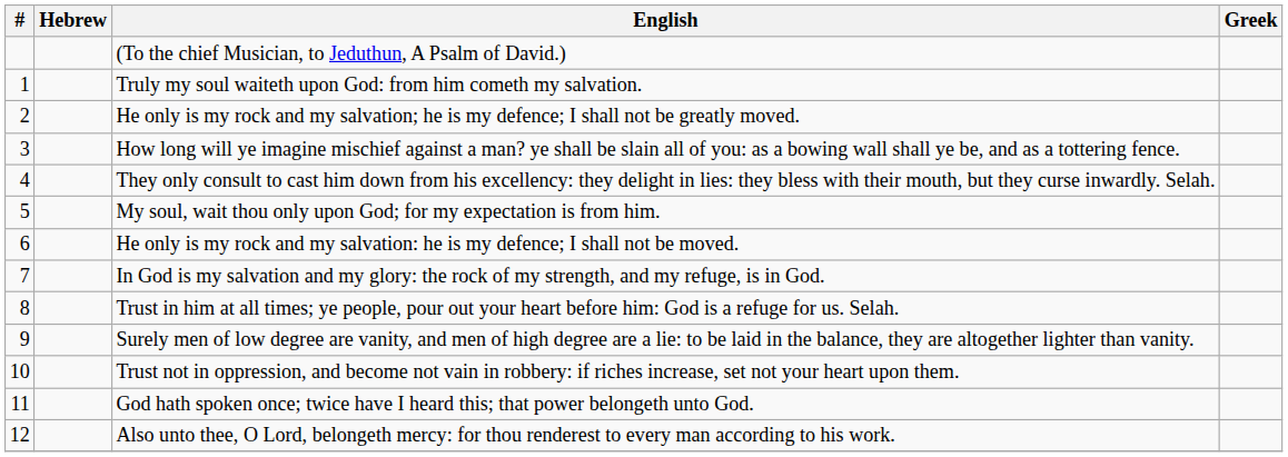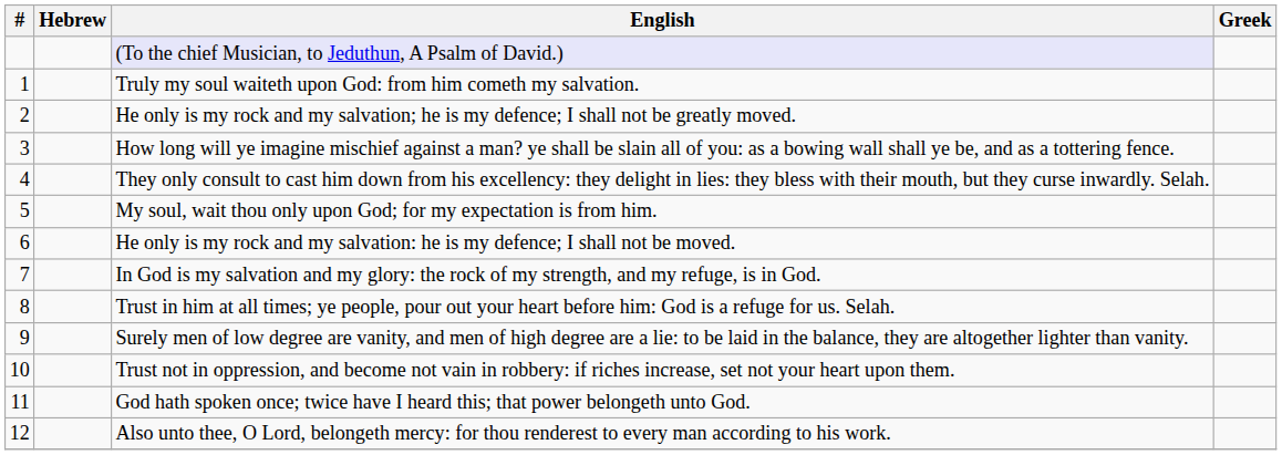 <table class=wikitable>
 <tr>
 <th>#</th>
 <th>Hebrew</th>
 <th>English</th>
 <th>Greek</th>
 </tr>
 <tr>
 <td style="text-align:right"></td>
 <td style="text-align:right"></td>
-<td>(To the chief Musician, to <a href='#'>Jeduthun</a>, A Psalm of David.)</td>
+<td style="background: lavender;">(To the chief Musician, to <a href='#'>Jeduthun</a>, A Psalm of David.)</td>
 <td></td>
 </tr>
 <tr>
 <td style="text-align:right">1</td>
 <td style="text-align:right"></td>
 <td>Truly my soul waiteth upon God: from him cometh my salvation.</td>
 <td></td>
 </tr>
 <tr>
 <td style="text-align:right">2</td>
 <td style="text-align:right"></td>
 <td>He only is my rock and my salvation; he is my defence; I shall not be greatly moved.</td>
 <td></td>
 </tr>
 <tr>
 <td style="text-align:right">3</td>
 <td style="text-align:right"></td>
 <td>How long will ye imagine mischief against a man? ye shall be slain all of you: as a bowing wall shall ye be, and as a tottering fence.</td>
 <td></td>
 </tr>
 <tr>
 <td style="text-align:right">4</td>
 <td style="text-align:right"></td>
 <td>They only consult to cast him down from his excellency: they delight in lies: they bless with their mouth, but they curse inwardly. Selah.</td>
 <td></td>
 </tr>
 <tr>
 <td style="text-align:right">5</td>
 <td style="text-align:right"></td>
 <td>My soul, wait thou only upon God; for my expectation is from him.</td>
 <td></td>
 </tr>
 <tr>
 <td style="text-align:right">6</td>
 <td style="text-align:right"></td>
 <td>He only is my rock and my salvation: he is my defence; I shall not be moved.</td>
 <td></td>
 </tr>
 <tr>
 <td style="text-align:right">7</td>
 <td style="text-align:right"></td>
 <td>In God is my salvation and my glory: the rock of my strength, and my refuge, is in God.</td>
 <td></td>
 </tr>
 <tr>
 <td style="text-align:right">8</td>
 <td style="text-align:right"></td>
 <td>Trust in him at all times; ye people, pour out your heart before him: God is a refuge for us. Selah.</td>
 <td></td>
 </tr>
 <tr>
 <td style="text-align:right">9</td>
 <td style="text-align:right"></td>
 <td>Surely men of low degree are vanity, and men of high degree are a lie: to be laid in the balance, they are altogether lighter than vanity.</td>
 <td></td>
 </tr>
 <tr>
 <td style="text-align:right">10</td>
 <td style="text-align:right"></td>
 <td>Trust not in oppression, and become not vain in robbery: if riches increase, set not your heart upon them.</td>
 <td></td>
 </tr>
 <tr>
 <td style="text-align:right">11</td>
 <td style="text-align:right"></td>
 <td>God hath spoken once; twice have I heard this; that power belongeth unto God.</td>
 <td></td>
 </tr>
 <tr>
 <td style="text-align:right">12</td>
 <td style="text-align:right"></td>
 <td>Also unto thee, O Lord, belongeth mercy: for thou renderest to every man according to his work.</td>
 <td></td>
 </tr>
 <tr>
 </tr>
 </table>
